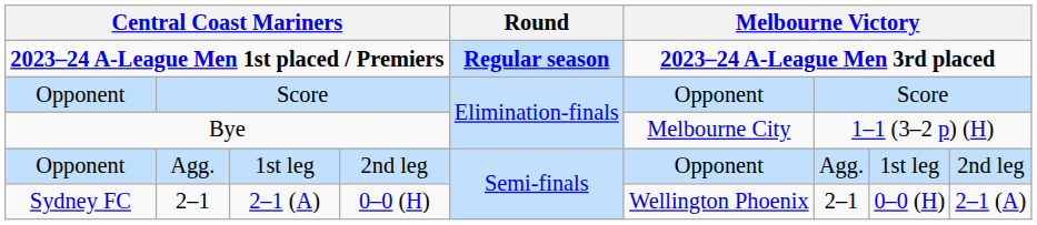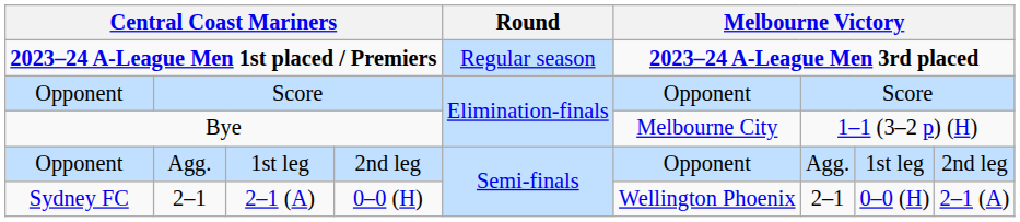 <table class="wikitable" style="text-align:center">
 <tr>
 <th colspan="4"><a href='#'>Central Coast Mariners</a></th>
 <th>Round</th>
 <th colspan="4"><a href='#'>Melbourne Victory</a></th>
 </tr>
 <tr>
 <td colspan="4" style="vertical-align:top"><strong><a href='#'>2023–24 A-League Men</a> 1st placed / Premiers</strong><br><div></div></td>
-<td style="background:#C1E0FF"><strong><a href='#'>Regular season</a></strong></td>
+<td style="background:#C1E0FF"><a href='#'>Regular season</a></td>
 <td colspan="4" style="vertical-align:top"><strong><a href='#'>2023–24 A-League Men</a> 3rd placed</strong><br><div></div></td>
 </tr>
 <tr style="background:#c1e0ff">
 <td>Opponent</td>
 <td colspan="3">Score</td>
 <td rowspan=2><a href='#'>Elimination-finals</a></td>
 <td>Opponent</td>
 <td colspan="3">Score</td>
 </tr>
 <tr>
 <td colspan="4">Bye</td>
 <td><a href='#'>Melbourne City</a></td>
 <td colspan="3"><a href='#'>1–1</a>  (3–2 <a href='#'>p</a>) (<a href='#'>H</a>)</td>
 </tr>
 <tr style="background:#C1E0FF">
 <td>Opponent</td>
 <td>Agg.</td>
 <td>1st leg</td>
 <td>2nd leg</td>
 <td rowspan=2><a href='#'>Semi-finals</a></td>
 <td>Opponent</td>
 <td>Agg.</td>
 <td>1st leg</td>
 <td>2nd leg</td>
 </tr>
 <tr>
 <td><a href='#'>Sydney FC</a></td>
 <td>2–1</td>
 <td><a href='#'>2–1</a> (<a href='#'>A</a>)</td>
 <td><a href='#'>0–0</a> (<a href='#'>H</a>)</td>
 <td><a href='#'>Wellington Phoenix</a></td>
 <td>2–1</td>
 <td><a href='#'>0–0</a> (<a href='#'>H</a>)</td>
 <td><a href='#'>2–1</a>  (<a href='#'>A</a>)</td>
 </tr>
 </table>
